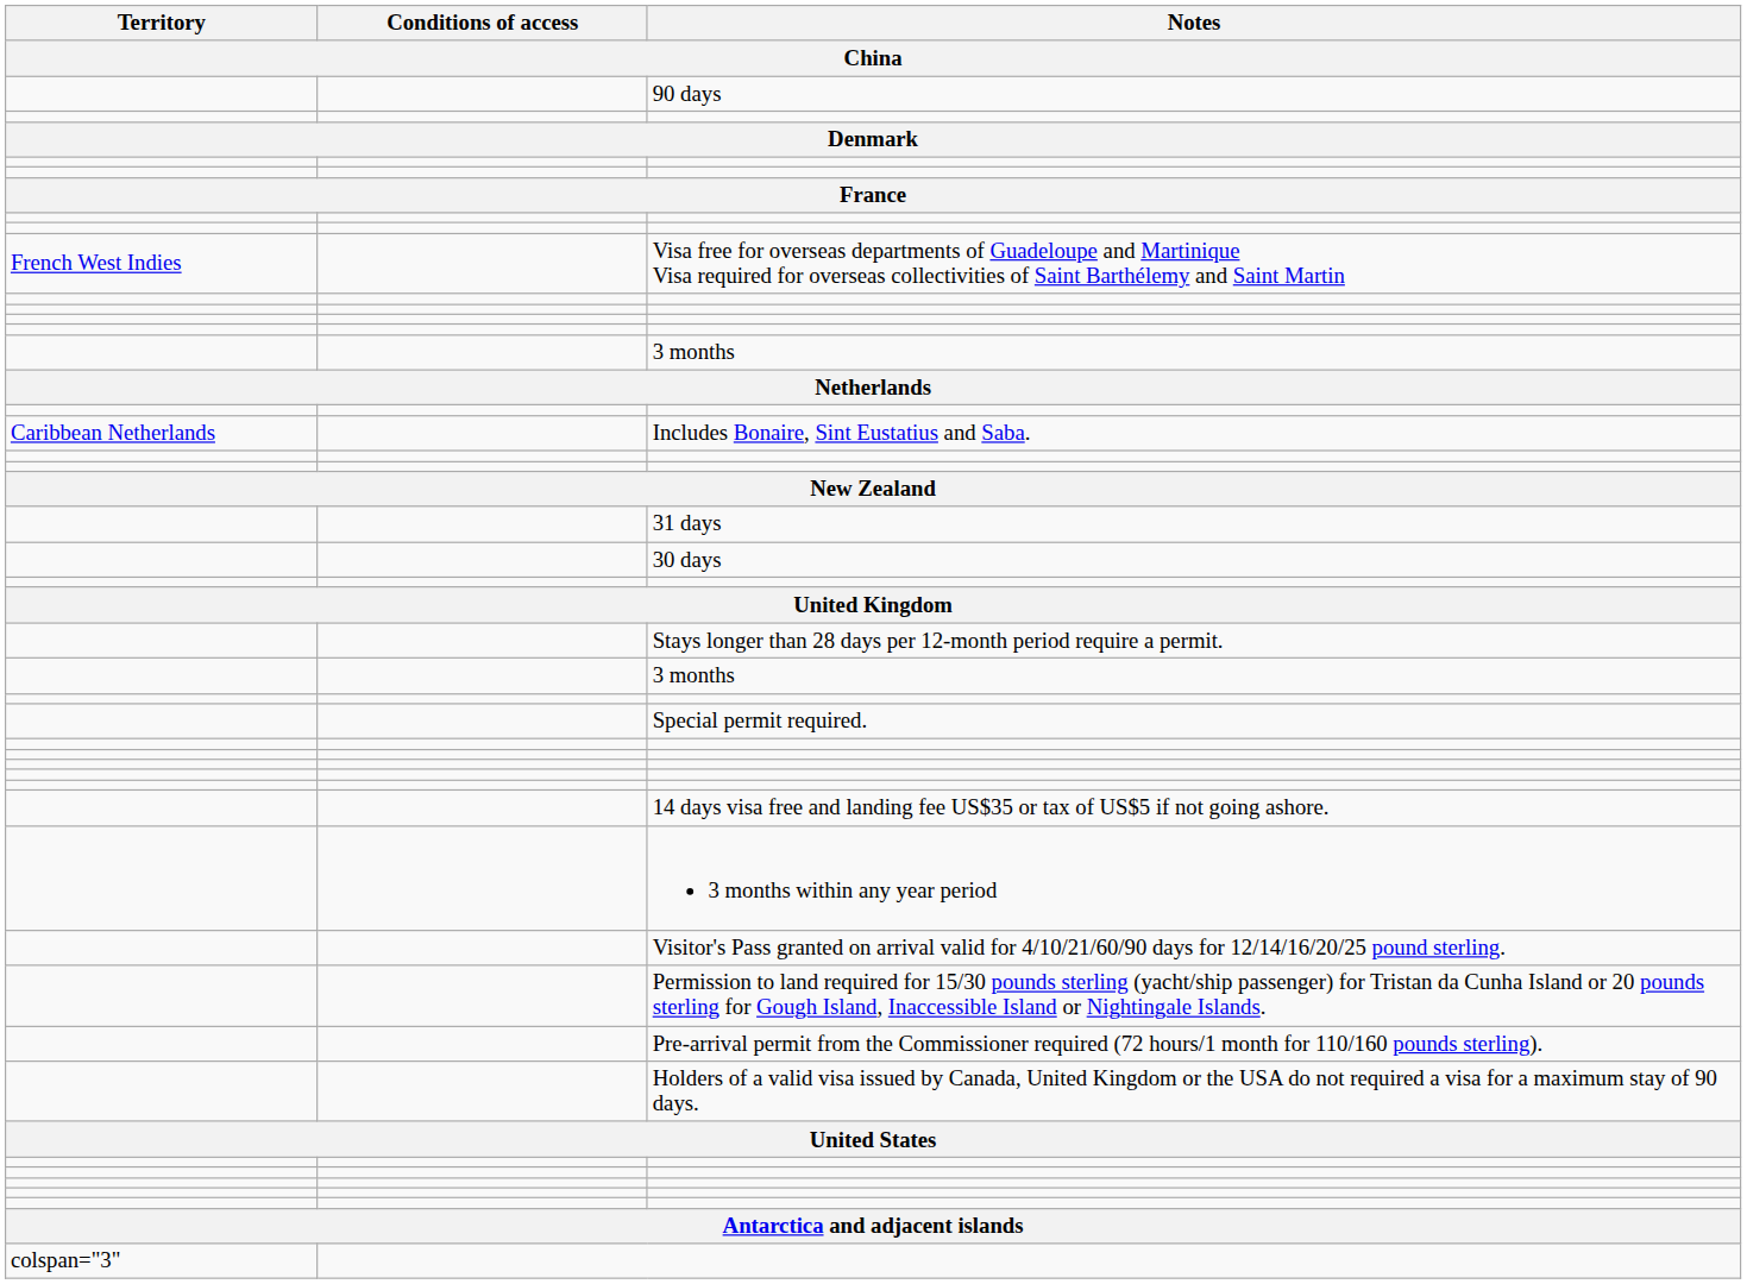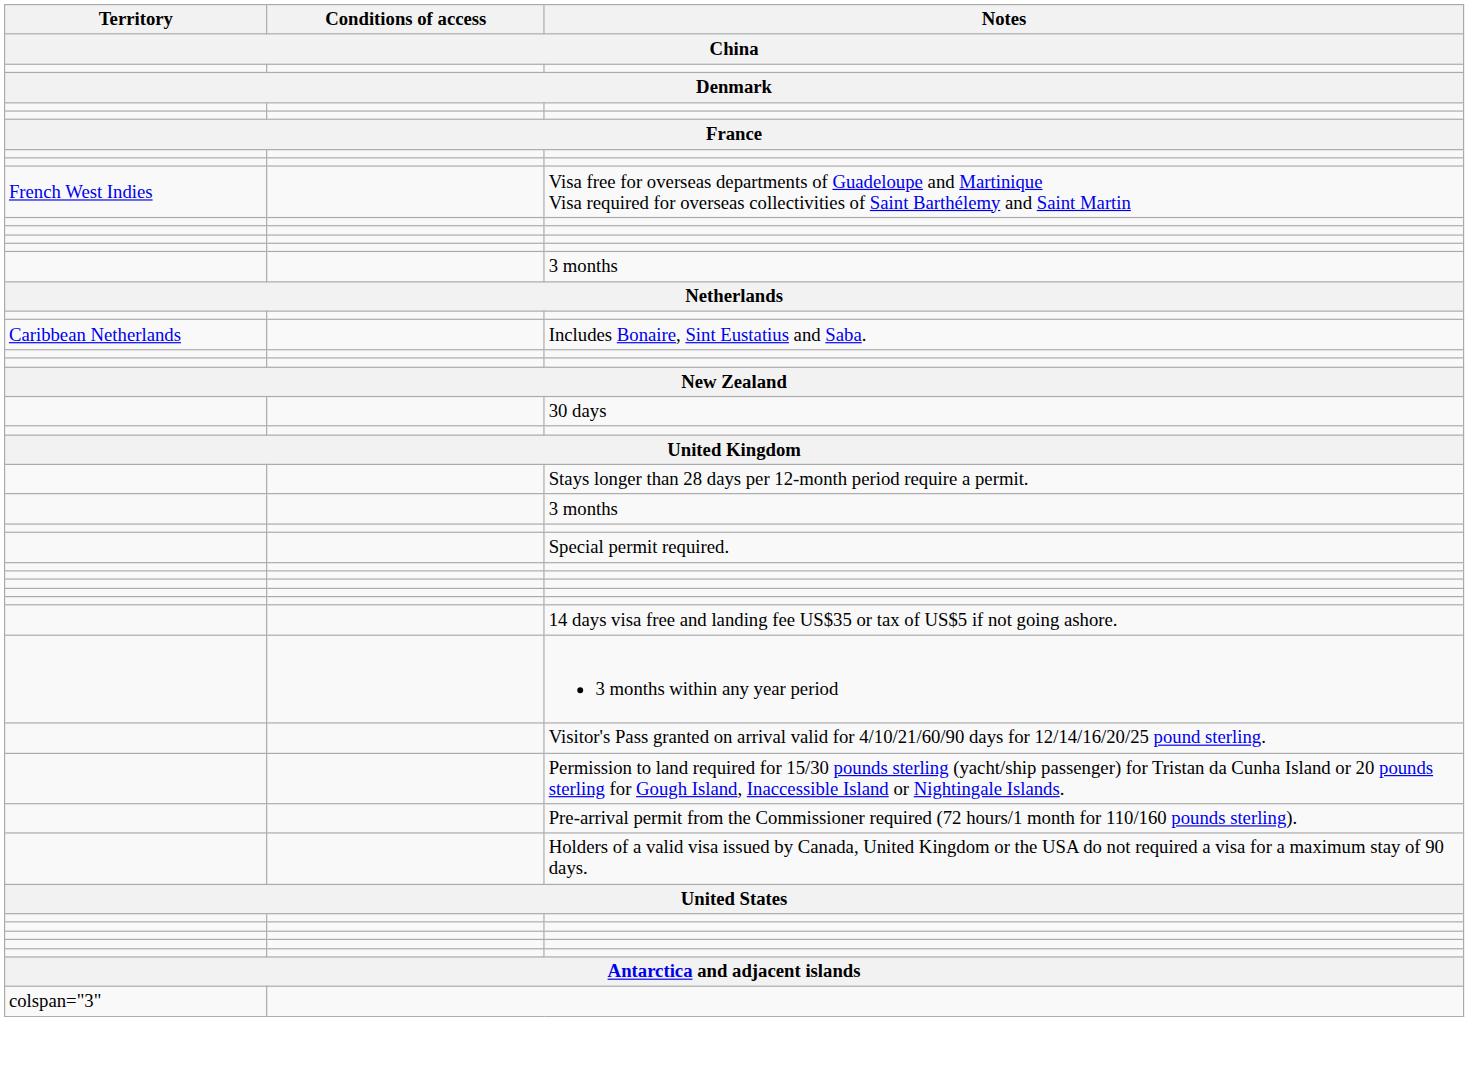 <table class="wikitable" style="text-align: left; table-layout: fixed;">
 <tr>
 <th width="18%">Territory</th>
 <th width="19%">Conditions of access</th>
 <th>Notes</th>
 </tr>
 <tr>
 <th colspan="3">China</th>
-</tr>
-<tr>
-<td></td>
-<td></td>
-<td>90 days</td>
 </tr>
 <tr>
 <td></td>
 <td></td>
 <td></td>
 </tr>
 <tr>
 <th colspan="3">Denmark</th>
 </tr>
 <tr>
 <td></td>
 <td></td>
 <td></td>
 </tr>
 <tr>
 <td></td>
 <td></td>
 <td></td>
 </tr>
 <tr>
 <th colspan="3">France</th>
 </tr>
 <tr>
 <td></td>
 <td></td>
 <td></td>
 </tr>
 <tr>
 <td></td>
 <td></td>
 <td></td>
 </tr>
 <tr>
 <td> <a href='#'>French West Indies</a></td>
 <td></td>
 <td>Visa free for overseas departments of <a href='#'>Guadeloupe</a> and <a href='#'>Martinique</a><br> Visa required for overseas collectivities of <a href='#'>Saint Barthélemy</a> and <a href='#'>Saint Martin</a></td>
 </tr>
 <tr>
 <td></td>
 <td></td>
 <td></td>
 </tr>
 <tr>
 <td></td>
 <td></td>
 <td></td>
 </tr>
 <tr>
 <td></td>
 <td></td>
 <td></td>
 </tr>
 <tr>
 <td></td>
 <td></td>
 <td></td>
 </tr>
 <tr>
 <td></td>
 <td></td>
 <td>3 months</td>
 </tr>
 <tr>
 <th colspan="3">Netherlands</th>
 </tr>
 <tr>
 <td></td>
 <td></td>
 <td></td>
 </tr>
 <tr>
 <td> <a href='#'>Caribbean Netherlands</a></td>
 <td></td>
 <td>Includes <a href='#'>Bonaire</a>, <a href='#'>Sint Eustatius</a> and <a href='#'>Saba</a>.</td>
 </tr>
 <tr>
 <td></td>
 <td></td>
 <td></td>
 </tr>
 <tr>
 <td></td>
 <td></td>
 <td></td>
 </tr>
 <tr>
 <th colspan="3">New Zealand</th>
-</tr>
-<tr>
-<td></td>
-<td></td>
-<td>31 days</td>
 </tr>
 <tr>
 <td></td>
 <td></td>
 <td>30 days</td>
 </tr>
 <tr>
 <td></td>
 <td></td>
 <td></td>
 </tr>
 <tr>
 <th colspan="3">United Kingdom</th>
 </tr>
 <tr>
 <td></td>
 <td></td>
 <td>Stays longer than 28 days per 12-month period require a permit.</td>
 </tr>
 <tr>
 <td></td>
 <td></td>
 <td>3 months</td>
 </tr>
 <tr>
 <td></td>
 <td></td>
 <td></td>
 </tr>
 <tr>
 <td></td>
 <td></td>
 <td>Special permit required.</td>
 </tr>
 <tr>
 <td></td>
 <td></td>
 <td></td>
 </tr>
 <tr>
 <td></td>
 <td></td>
 <td></td>
 </tr>
 <tr>
 <td></td>
 <td></td>
 <td></td>
 </tr>
 <tr>
 <td></td>
 <td></td>
 <td></td>
 </tr>
 <tr>
 <td></td>
 <td></td>
 <td></td>
 </tr>
 <tr>
 <td></td>
 <td></td>
 <td>14 days visa free and landing fee US$35 or tax of US$5 if not going ashore.</td>
 </tr>
 <tr>
 <td></td>
 <td></td>
 <td><br><ul><li>3 months within any year period</li></ul></td>
 </tr>
 <tr>
 <td></td>
 <td></td>
 <td>Visitor's Pass granted on arrival valid for 4/10/21/60/90 days for 12/14/16/20/25 <a href='#'>pound sterling</a>.</td>
 </tr>
 <tr>
 <td></td>
 <td></td>
 <td>Permission to land required for 15/30 <a href='#'>pounds sterling</a> (yacht/ship passenger) for Tristan da Cunha Island or 20 <a href='#'>pounds sterling</a> for <a href='#'>Gough Island</a>, <a href='#'>Inaccessible Island</a> or <a href='#'>Nightingale Islands</a>.</td>
 </tr>
 <tr>
 <td></td>
 <td></td>
 <td>Pre-arrival permit from the Commissioner required (72 hours/1 month for 110/160 <a href='#'>pounds sterling</a>).</td>
 </tr>
 <tr>
 <td></td>
 <td></td>
 <td>Holders of a valid visa issued by Canada, United Kingdom or the USA do not required a visa for a maximum stay of 90 days.</td>
 </tr>
 <tr>
 <th colspan="3">United States</th>
 </tr>
 <tr>
 <td></td>
 <td></td>
 <td></td>
 </tr>
 <tr>
 <td></td>
 <td></td>
 <td></td>
 </tr>
 <tr>
 <td></td>
 <td></td>
 <td></td>
 </tr>
 <tr>
 <td></td>
 <td></td>
 <td></td>
 </tr>
 <tr>
 <td></td>
 <td></td>
 <td></td>
 </tr>
 <tr>
 <th colspan="3"><a href='#'>Antarctica</a> and adjacent islands</th>
 </tr>
 <tr>
 <td>colspan="3" </td>
 </tr>
 </table>
